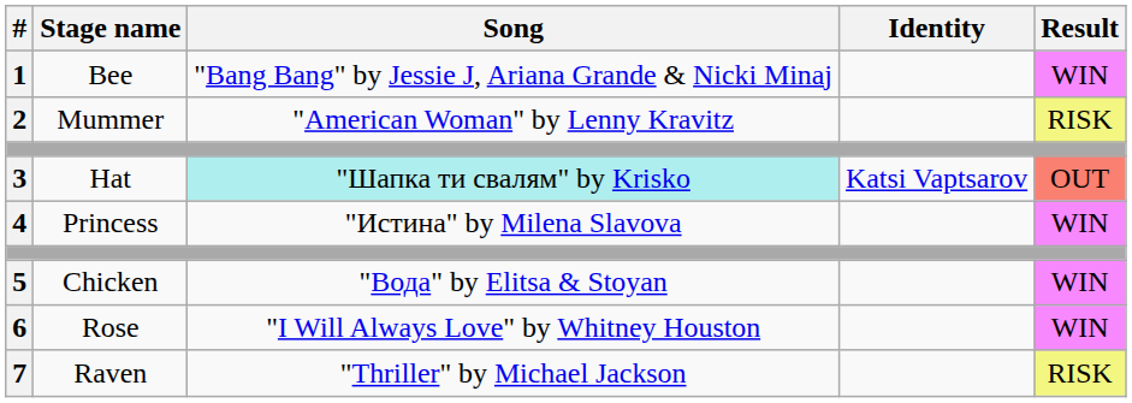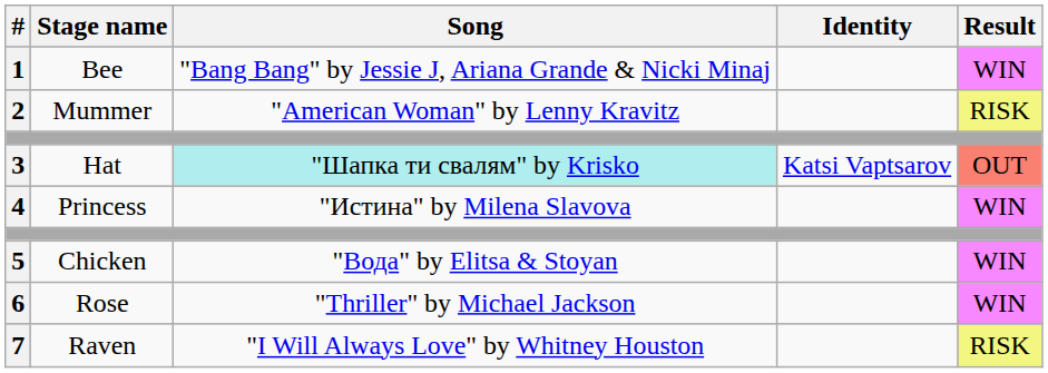 <table class="wikitable" style="text-align: center;">
 <tr>
 <th>#</th>
 <th>Stage name</th>
 <th>Song</th>
 <th>Identity</th>
 <th>Result</th>
 </tr>
 <tr>
 <th>1</th>
 <td>Bee</td>
 <td>"<a href='#'>Bang Bang</a>" by <a href='#'>Jessie J</a>, <a href='#'>Ariana Grande</a> & <a href='#'>Nicki Minaj</a></td>
 <td></td>
 <td bgcolor="#F888FD">WIN</td>
 </tr>
 <tr>
 <th>2</th>
 <td>Mummer</td>
 <td>"<a href='#'>American Woman</a>" by <a href='#'>Lenny Kravitz</a></td>
 <td></td>
 <td bgcolor="#F3F781">RISK</td>
 </tr>
 <tr>
 <td colspan="5" style="background:darkgray"></td>
 </tr>
 <tr>
 <th>3</th>
 <td>Hat</td>
 <td style="background: paleturquoise;">"Шапка ти свалям" by <a href='#'>Krisko</a></td>
 <td><a href='#'>Katsi Vaptsarov</a></td>
 <td bgcolor=salmon>OUT</td>
 </tr>
 <tr>
 <th>4</th>
 <td>Princess</td>
 <td>"Истина" by <a href='#'>Milena Slavova</a></td>
 <td></td>
 <td bgcolor="#F888FD">WIN</td>
 </tr>
 <tr>
 <td colspan="5" style="background:darkgray"></td>
 </tr>
 <tr>
 <th>5</th>
 <td>Chicken</td>
 <td>"<a href='#'>Вода</a>" by <a href='#'>Elitsa & Stoyan</a></td>
 <td></td>
 <td bgcolor="#F888FD">WIN</td>
 </tr>
 <tr>
 <th>6</th>
 <td>Rose</td>
-<td>"<a href='#'>I Will Always Love</a>" by <a href='#'>Whitney Houston</a></td>
+<td>"<a href='#'>Thriller</a>" by <a href='#'>Michael Jackson</a></td>
 <td></td>
 <td bgcolor="#F888FD">WIN</td>
 </tr>
 <tr>
 <th>7</th>
 <td>Raven</td>
-<td>"<a href='#'>Thriller</a>" by <a href='#'>Michael Jackson</a></td>
+<td>"<a href='#'>I Will Always Love</a>" by <a href='#'>Whitney Houston</a></td>
 <td></td>
 <td bgcolor="#F3F781">RISK</td>
 </tr>
 </table>
